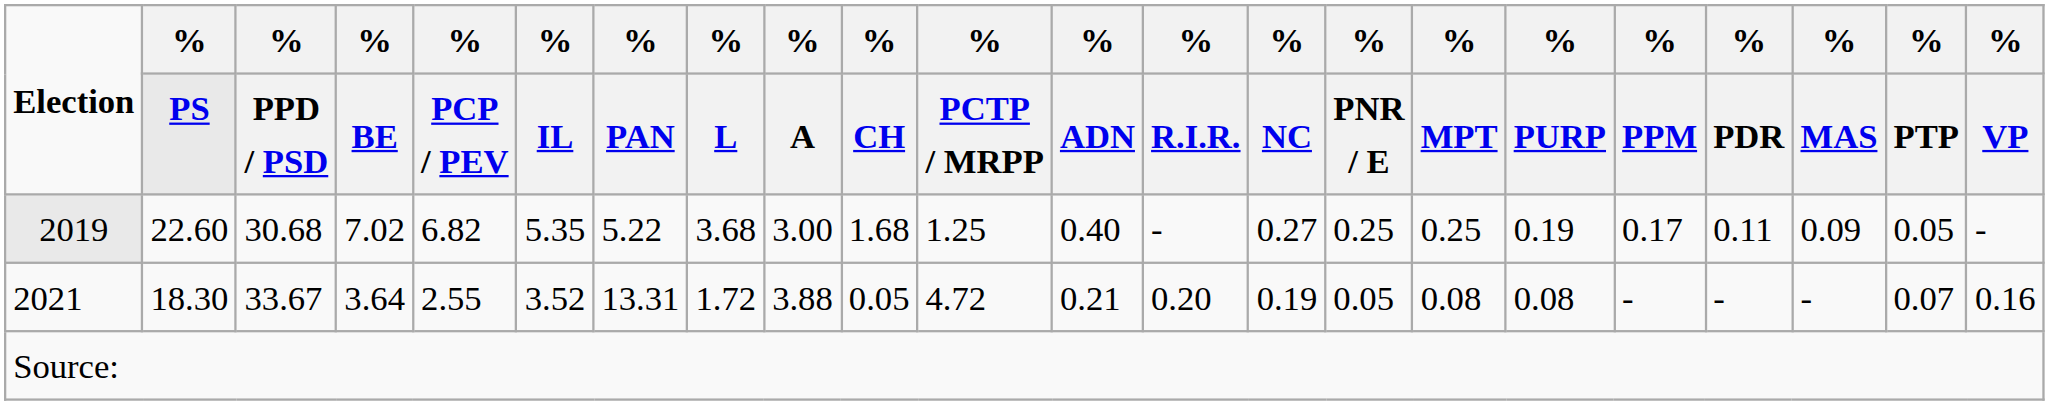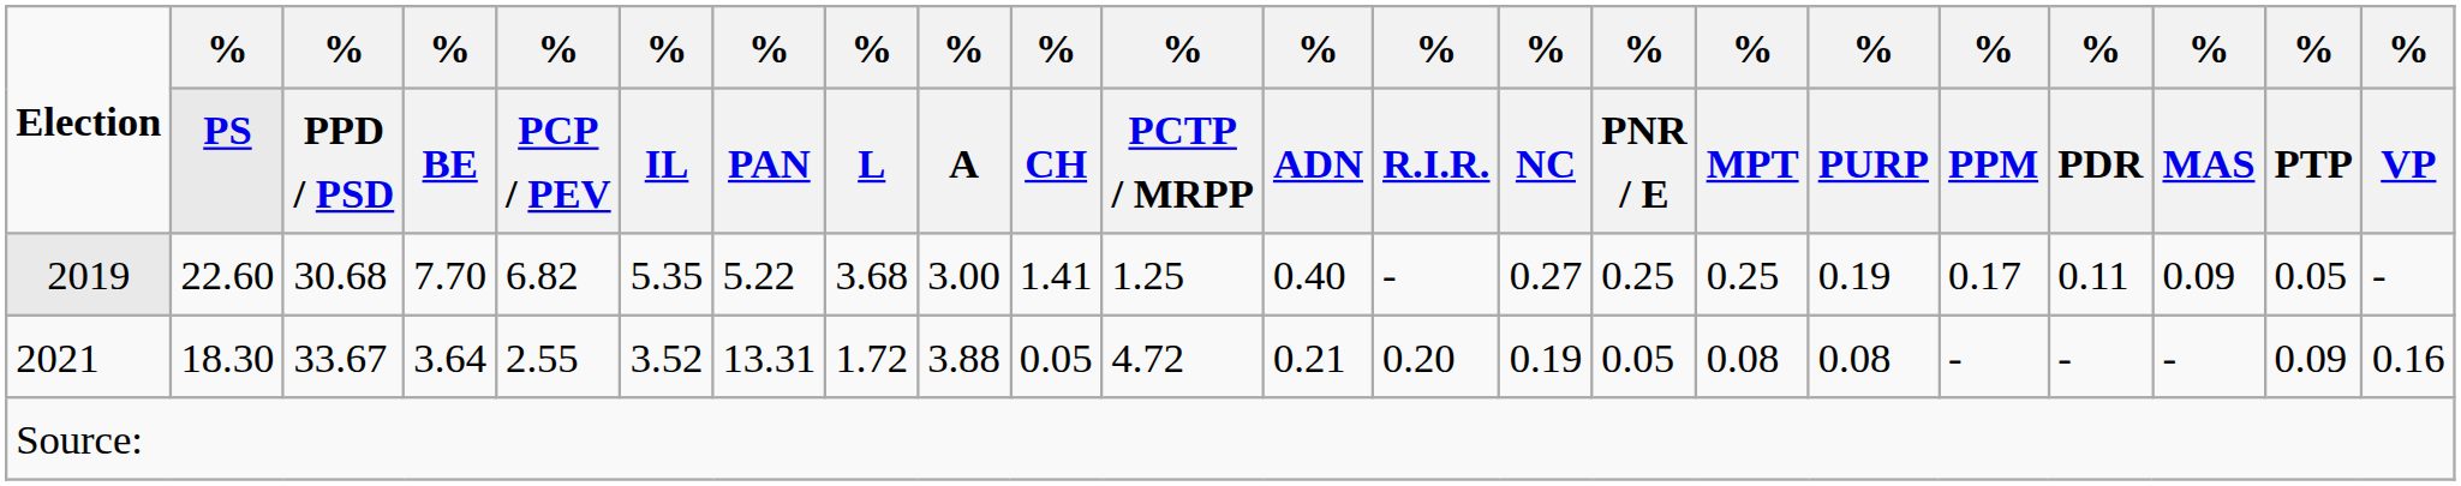 <table class="wikitable" style="text-align:left; font-size:95%; line-height:23px;">
 <tr>
 <td rowspan="2"><strong>Election</strong><br></td>
 <th><strong>%</strong></th>
 <th><strong>%</strong></th>
 <th><strong>%</strong></th>
 <th><strong>%</strong></th>
 <th><strong>%</strong></th>
 <th><strong>%</strong></th>
 <th><strong>%</strong></th>
 <th><strong>%</strong></th>
 <th><strong>%</strong></th>
 <th><strong>%</strong></th>
 <th><strong>%</strong></th>
 <th><strong>%</strong></th>
 <th><strong>%</strong></th>
 <th><strong>%</strong></th>
 <th><strong>%</strong></th>
 <th><strong>%</strong></th>
 <th><strong>%</strong></th>
 <th><strong>%</strong></th>
 <th><strong>%</strong></th>
 <th><strong>%</strong></th>
 <th><strong>%</strong></th>
 </tr>
 <tr>
 <th valign="top" align="right" style="background-color:#E9E9E9"><a href='#'>PS</a></th>
 <th>PPD<br>/ <a href='#'>PSD</a></th>
 <th><a href='#'>BE</a></th>
 <th><a href='#'>PCP</a><br>/ <a href='#'>PEV</a></th>
 <th><a href='#'>IL</a></th>
 <th><a href='#'>PAN</a></th>
 <th><a href='#'>L</a></th>
 <th>A</th>
 <th><a href='#'>CH</a></th>
 <th><a href='#'>PCTP</a><br>/ MRPP</th>
 <th><a href='#'>ADN</a></th>
 <th><a href='#'>R.I.R.</a></th>
 <th><a href='#'>NC</a></th>
 <th>PNR<br>/ E</th>
 <th><a href='#'>MPT</a></th>
 <th><a href='#'>PURP</a></th>
 <th><a href='#'>PPM</a></th>
 <th>PDR</th>
 <th><a href='#'>MAS</a></th>
 <th>PTP</th>
 <th><a href='#'>VP</a></th>
 </tr>
 <tr>
 <td align="center" style="background-color:#E9E9E9">2019</td>
 <td>22.60</td>
 <td>30.68</td>
-<td>7.02</td>
+<td>7.70</td>
 <td>6.82</td>
 <td>5.35</td>
 <td>5.22</td>
 <td>3.68</td>
 <td>3.00</td>
-<td>1.68</td>
+<td>1.41</td>
 <td>1.25</td>
 <td>0.40</td>
 <td>-</td>
 <td>0.27</td>
 <td>0.25</td>
 <td>0.25</td>
 <td>0.19</td>
 <td>0.17</td>
 <td>0.11</td>
 <td>0.09</td>
 <td>0.05</td>
 <td>-</td>
 </tr>
 <tr>
 <td>2021</td>
 <td>18.30</td>
 <td>33.67</td>
 <td>3.64</td>
 <td>2.55</td>
 <td>3.52</td>
 <td>13.31</td>
 <td>1.72</td>
 <td>3.88</td>
 <td>0.05</td>
 <td>4.72</td>
 <td>0.21</td>
 <td>0.20</td>
 <td>0.19</td>
 <td>0.05</td>
 <td>0.08</td>
 <td>0.08</td>
 <td>-</td>
 <td>-</td>
 <td>-</td>
-<td>0.07</td>
+<td>0.09</td>
 <td>0.16</td>
 </tr>
 <tr>
 <td colspan="23">Source: </td>
 </tr>
 </table>
